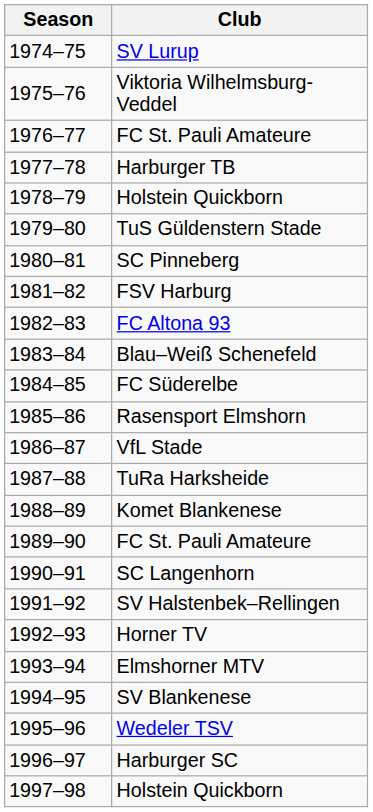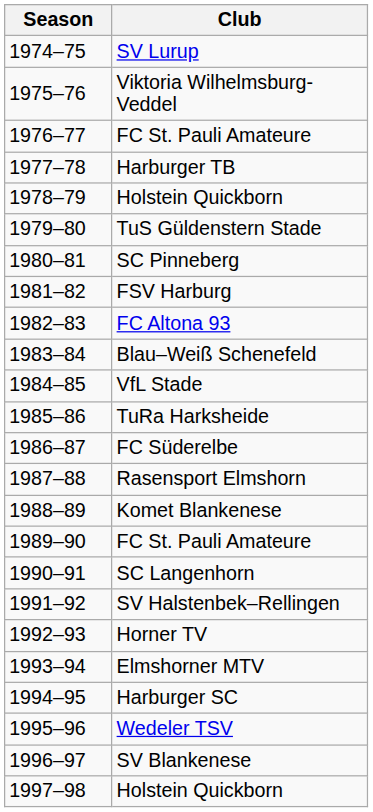 <table class="wikitable">
 <tr align="center" bgcolor="#dfdfdf">
 <th width="80">Season</th>
 <th width="200">Club</th>
 </tr>
 <tr>
 <td>1974–75</td>
 <td><a href='#'>SV Lurup</a></td>
 </tr>
 <tr>
 <td>1975–76</td>
 <td>Viktoria Wilhelmsburg-Veddel</td>
 </tr>
 <tr>
 <td>1976–77</td>
 <td>FC St. Pauli Amateure</td>
 </tr>
 <tr>
 <td>1977–78</td>
 <td>Harburger TB</td>
 </tr>
 <tr>
 <td>1978–79</td>
 <td>Holstein Quickborn</td>
 </tr>
 <tr>
 <td>1979–80</td>
 <td>TuS Güldenstern Stade</td>
 </tr>
 <tr>
 <td>1980–81</td>
 <td>SC Pinneberg</td>
 </tr>
 <tr>
 <td>1981–82</td>
 <td>FSV Harburg</td>
 </tr>
 <tr>
 <td>1982–83</td>
 <td><a href='#'>FC Altona 93</a></td>
 </tr>
 <tr>
 <td>1983–84</td>
 <td>Blau–Weiß Schenefeld</td>
 </tr>
 <tr>
 <td>1984–85</td>
+<td>VfL Stade</td>
+</tr>
+<tr>
+<td>1985–86</td>
+<td>TuRa Harksheide</td>
+</tr>
+<tr>
+<td>1986–87</td>
 <td>FC Süderelbe</td>
 </tr>
 <tr>
-<td>1985–86</td>
+<td>1987–88</td>
 <td>Rasensport Elmshorn</td>
-</tr>
-<tr>
-<td>1986–87</td>
-<td>VfL Stade</td>
-</tr>
-<tr>
-<td>1987–88</td>
-<td>TuRa Harksheide</td>
 </tr>
 <tr>
 <td>1988–89</td>
 <td>Komet Blankenese</td>
 </tr>
 <tr>
 <td>1989–90</td>
 <td>FC St. Pauli Amateure</td>
 </tr>
 <tr>
 <td>1990–91</td>
 <td>SC Langenhorn</td>
 </tr>
 <tr>
 <td>1991–92</td>
 <td>SV Halstenbek–Rellingen</td>
 </tr>
 <tr>
 <td>1992–93</td>
 <td>Horner TV</td>
 </tr>
 <tr>
 <td>1993–94</td>
 <td>Elmshorner MTV</td>
 </tr>
 <tr>
 <td>1994–95</td>
-<td>SV Blankenese</td>
+<td>Harburger SC</td>
 </tr>
 <tr>
 <td>1995–96</td>
 <td><a href='#'>Wedeler TSV</a></td>
 </tr>
 <tr>
 <td>1996–97</td>
-<td>Harburger SC</td>
+<td>SV Blankenese</td>
 </tr>
 <tr>
 <td>1997–98</td>
 <td>Holstein Quickborn</td>
 </tr>
 </table>
